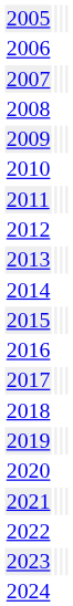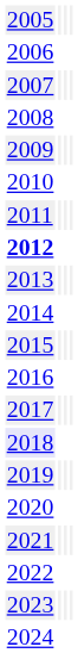 <table>
 <tr bgcolor="#EFEFEF">
 <td><a href='#'>2005</a></td>
 <td></td>
 <td></td>
 <td></td>
 </tr>
 <tr>
 <td><a href='#'>2006</a></td>
 <td></td>
 <td></td>
 <td></td>
 </tr>
 <tr bgcolor="#EFEFEF">
 <td><a href='#'>2007</a></td>
 <td></td>
 <td></td>
 <td></td>
 </tr>
 <tr>
 <td><a href='#'>2008</a></td>
 <td></td>
 <td></td>
 <td></td>
 </tr>
 <tr bgcolor="#EFEFEF">
 <td><a href='#'>2009</a></td>
 <td></td>
 <td></td>
 <td></td>
 </tr>
 <tr>
 <td><a href='#'>2010</a></td>
 <td></td>
 <td></td>
 <td></td>
 </tr>
 <tr bgcolor="#EFEFEF">
 <td><a href='#'>2011</a></td>
 <td></td>
 <td></td>
 <td></td>
 </tr>
 <tr>
-<td><a href='#'>2012</a></td>
+<td><strong><a href='#'>2012</a></strong></td>
 <td></td>
 <td></td>
 <td></td>
 </tr>
 <tr bgcolor="#EFEFEF">
 <td><a href='#'>2013</a><br></td>
 <td></td>
 <td></td>
 <td></td>
 </tr>
 <tr>
 <td><a href='#'>2014</a></td>
 <td></td>
 <td></td>
 <td></td>
 </tr>
 <tr bgcolor="#EFEFEF">
 <td><a href='#'>2015</a></td>
 <td></td>
 <td></td>
 <td></td>
 </tr>
 <tr>
 <td><a href='#'>2016</a></td>
 <td></td>
 <td></td>
 <td></td>
 </tr>
 <tr bgcolor="#EFEFEF">
 <td><a href='#'>2017</a></td>
 <td></td>
 <td></td>
 <td></td>
 </tr>
 <tr>
-<td><a href='#'>2018</a></td>
+<td style="background: lavender;"><a href='#'>2018</a></td>
 <td></td>
 <td></td>
 <td></td>
 </tr>
 <tr bgcolor="#EFEFEF">
 <td><a href='#'>2019</a></td>
 <td></td>
 <td></td>
 <td></td>
 </tr>
 <tr>
 <td><a href='#'>2020</a></td>
 <td></td>
 <td></td>
 <td></td>
 </tr>
 <tr bgcolor="#EFEFEF">
 <td><a href='#'>2021</a></td>
 <td></td>
 <td></td>
 <td></td>
 </tr>
 <tr>
 <td><a href='#'>2022</a></td>
 <td></td>
 <td></td>
 <td></td>
 </tr>
 <tr bgcolor="#EFEFEF">
 <td><a href='#'>2023</a></td>
 <td></td>
 <td></td>
 <td></td>
 </tr>
 <tr>
 <td><a href='#'>2024</a></td>
 <td></td>
 <td></td>
 <td></td>
 </tr>
 </table>
